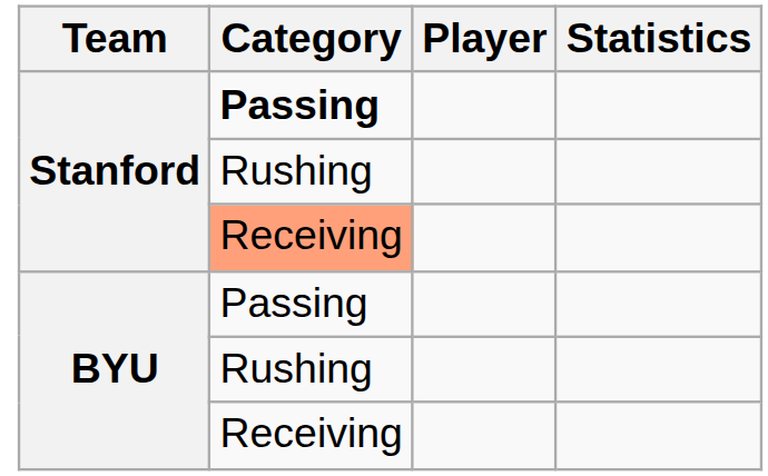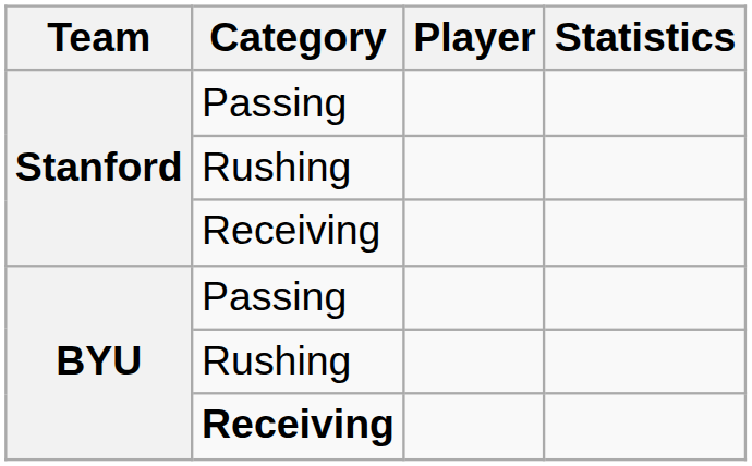 <table class="wikitable" style="float:right">
 <tr>
 <th>Team</th>
 <th>Category</th>
 <th>Player</th>
 <th>Statistics</th>
 </tr>
 <tr>
 <th rowspan=3>Stanford</th>
-<td><strong>Passing</strong></td>
+<td>Passing</td>
 <td></td>
 <td></td>
 </tr>
 <tr>
 <td>Rushing</td>
 <td></td>
 <td></td>
 </tr>
 <tr>
-<td style="background: lightsalmon;">Receiving</td>
+<td>Receiving</td>
 <td></td>
 <td></td>
 </tr>
 <tr>
 <th rowspan=3>BYU</th>
 <td>Passing</td>
 <td></td>
 <td></td>
 </tr>
 <tr>
 <td>Rushing</td>
 <td></td>
 <td></td>
 </tr>
 <tr>
-<td>Receiving</td>
+<td><strong>Receiving</strong></td>
 <td></td>
 <td></td>
 </tr>
 </table>
